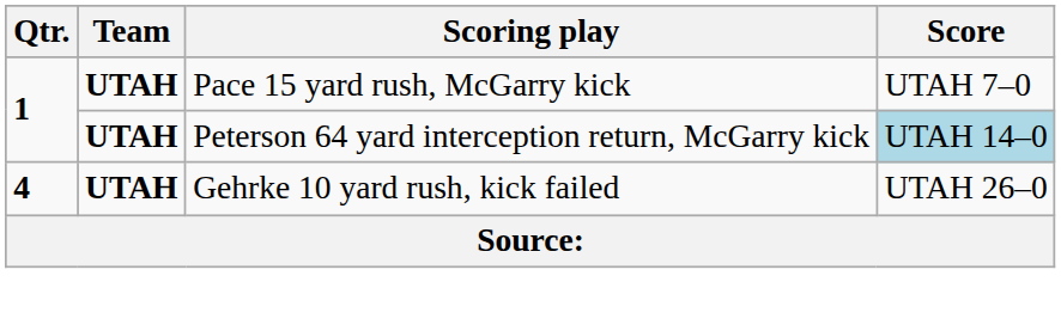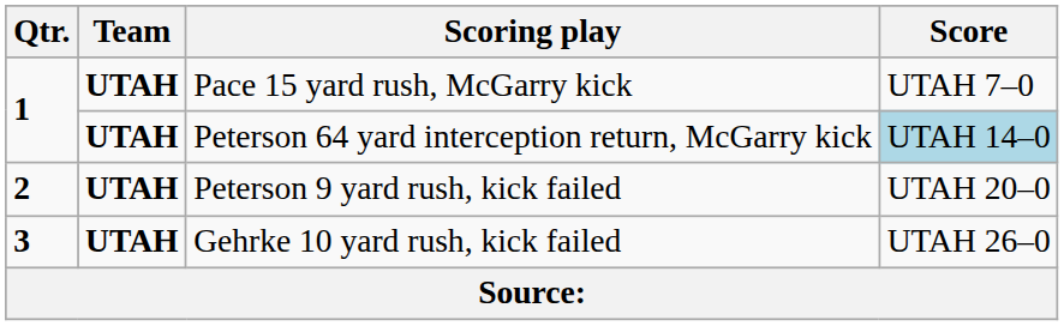 <table class="wikitable">
 <tr>
 <th>Qtr.</th>
 <th>Team</th>
 <th>Scoring play</th>
 <th>Score</th>
 </tr>
 <tr>
 <td rowspan=2><strong>1</strong></td>
 <td><strong>UTAH</strong></td>
 <td>Pace 15 yard rush, McGarry kick</td>
 <td>UTAH 7–0</td>
 </tr>
 <tr>
 <td><strong>UTAH</strong></td>
 <td>Peterson 64 yard interception return, McGarry kick</td>
 <td style="background: lightblue;">UTAH 14–0</td>
 </tr>
 <tr>
-<td><strong>4</strong></td>
+<td><strong>2</strong></td>
+<td><strong>UTAH</strong></td>
+<td>Peterson 9 yard rush, kick failed</td>
+<td>UTAH 20–0</td>
+</tr>
+<tr>
+<td><strong>3</strong></td>
 <td><strong>UTAH</strong></td>
 <td>Gehrke 10 yard rush, kick failed</td>
 <td>UTAH 26–0</td>
 </tr>
 <tr>
 <th colspan=4>Source:</th>
 </tr>
 </table>
